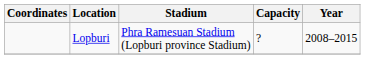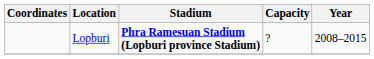 <table class="wikitable sortable">
 <tr>
 <th>Coordinates</th>
 <th>Location</th>
 <th>Stadium</th>
 <th>Capacity</th>
 <th>Year</th>
 </tr>
 <tr>
 <td></td>
 <td><a href='#'>Lopburi</a></td>
-<td><a href='#'>Phra Ramesuan Stadium</a><br>(Lopburi province Stadium)</td>
+<td><strong><a href='#'>Phra Ramesuan Stadium</a><br>(Lopburi province Stadium)</strong></td>
 <td>?</td>
 <td>2008–2015</td>
 </tr>
 <tr>
 </tr>
 </table>
